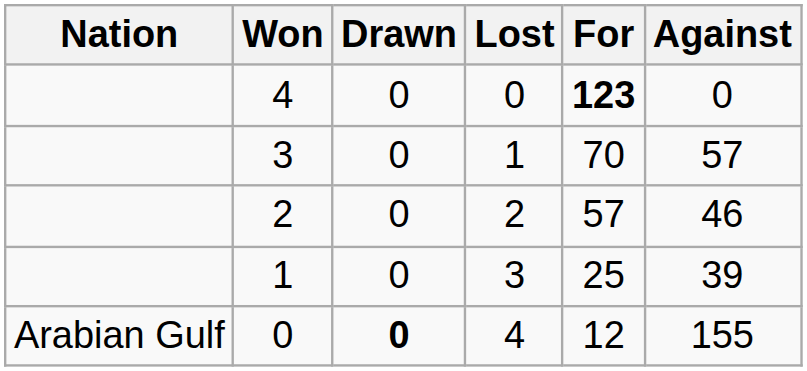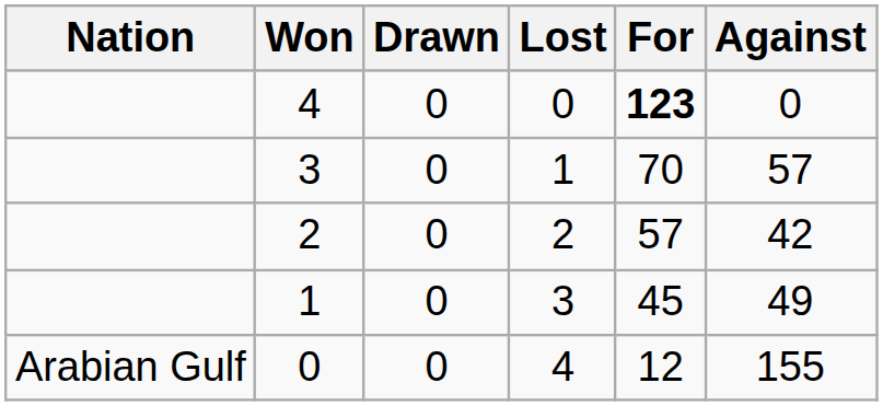 <table class="wikitable" style="text-align: center;">
 <tr>
 <th>Nation</th>
 <th>Won</th>
 <th>Drawn</th>
 <th>Lost</th>
 <th>For</th>
 <th>Against</th>
 </tr>
 <tr>
 <td align=left></td>
 <td>4</td>
 <td>0</td>
 <td>0</td>
 <td><strong>123</strong></td>
 <td>0</td>
 </tr>
 <tr>
 <td align=left></td>
 <td>3</td>
 <td>0</td>
 <td>1</td>
 <td>70</td>
 <td>57</td>
 </tr>
 <tr>
 <td align=left></td>
 <td>2</td>
 <td>0</td>
 <td>2</td>
 <td>57</td>
-<td>46</td>
+<td>42</td>
 </tr>
 <tr>
 <td align=left></td>
 <td>1</td>
 <td>0</td>
 <td>3</td>
-<td>25</td>
-<td>39</td>
+<td>45</td>
+<td>49</td>
 </tr>
 <tr>
 <td align=left> Arabian Gulf</td>
 <td>0</td>
-<td><strong>0</strong></td>
+<td>0</td>
 <td>4</td>
 <td>12</td>
 <td>155</td>
 </tr>
 </table>
